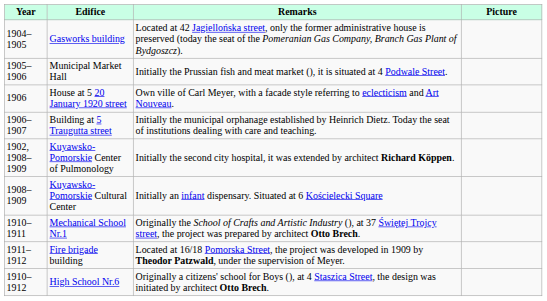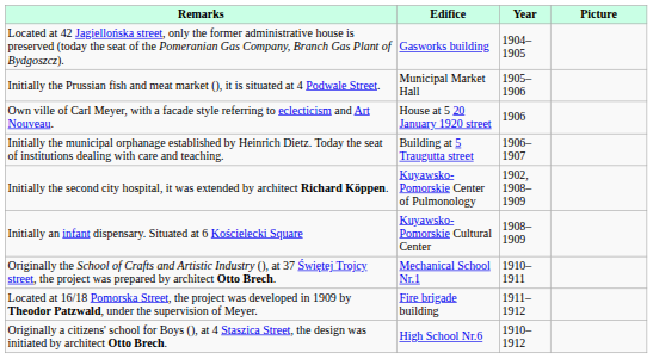 <table class="wikitable" style="flex: 30em">
 <tr align="center" bgcolor="#C9FFE5">
+<td width=61%><strong>Remarks</strong></td>
+<td width=16%><strong>Edifice</strong></td>
 <td width=8%><strong>Year</strong></td>
-<td width=16%><strong>Edifice</strong></td>
-<td width=61%><strong>Remarks</strong></td>
 <td width=15%><strong>Picture</strong></td>
 </tr>
 <tr ----bgcolor="#FFFFFF">
+<td>Located at 42 <a href='#'>Jagiellońska street</a>, only the former administrative house is preserved (today the seat of the <em>Pomeranian Gas Company, Branch Gas Plant of Bydgoszcz</em>).</td>
+<td><a href='#'>Gasworks building</a></td>
 <td>1904–1905</td>
-<td><a href='#'>Gasworks building</a></td>
-<td>Located at 42 <a href='#'>Jagiellońska street</a>, only the former administrative house is preserved (today the seat of the <em>Pomeranian Gas Company, Branch Gas Plant of Bydgoszcz</em>).</td>
 <td></td>
 </tr>
 <tr ---->
+<td>Initially the Prussian fish and meat market (), it is situated at 4 <a href='#'>Podwale Street</a>.</td>
+<td>Municipal Market Hall</td>
 <td>1905–1906</td>
-<td>Municipal Market Hall</td>
-<td>Initially the Prussian fish and meat market (), it is situated at 4 <a href='#'>Podwale Street</a>.</td>
 <td></td>
 </tr>
 <tr ----bgcolor="#EFEFEF">
+<td>Own ville of Carl Meyer, with a facade style referring to <a href='#'>eclecticism</a> and <a href='#'>Art Nouveau</a>.</td>
+<td>House at 5 <a href='#'>20 January 1920 street</a></td>
 <td>1906</td>
-<td>House at 5 <a href='#'>20 January 1920 street</a></td>
-<td>Own ville of Carl Meyer, with a facade style referring to <a href='#'>eclecticism</a> and <a href='#'>Art Nouveau</a>.</td>
 <td></td>
 </tr>
 <tr ---->
+<td>Initially the municipal orphanage established by Heinrich Dietz. Today the seat of institutions dealing with care and teaching.</td>
+<td>Building at <a href='#'>5 Traugutta street</a></td>
 <td>1906–1907</td>
-<td>Building at <a href='#'>5 Traugutta street</a></td>
-<td>Initially the municipal orphanage established by Heinrich Dietz. Today the seat of institutions dealing with care and teaching.</td>
 <td></td>
 </tr>
 <tr ----bgcolor="#EFEFEF">
+<td>Initially the second city hospital, it was extended by architect <strong>Richard Köppen</strong>.</td>
+<td><a href='#'>Kuyawsko-Pomorskie</a> Center of Pulmonology</td>
 <td>1902, 1908–1909</td>
-<td><a href='#'>Kuyawsko-Pomorskie</a> Center of Pulmonology</td>
-<td>Initially the second city hospital, it was extended by architect <strong>Richard Köppen</strong>.</td>
 <td></td>
 </tr>
 <tr ---->
+<td>Initially an <a href='#'>infant</a> dispensary. Situated at 6 <a href='#'>Kościelecki Square</a></td>
+<td><a href='#'>Kuyawsko-Pomorskie</a> Cultural Center</td>
 <td>1908–1909</td>
-<td><a href='#'>Kuyawsko-Pomorskie</a> Cultural Center</td>
-<td>Initially an <a href='#'>infant</a> dispensary. Situated at 6 <a href='#'>Kościelecki Square</a></td>
 <td></td>
 </tr>
 <tr ----bgcolor="#EFEFEF">
+<td>Originally the <em>School of Crafts and Artistic Industry</em> (), at 37 <a href='#'>Świętej Trojcy street</a>, the project was prepared by architect <strong>Otto Brech</strong>.</td>
+<td><a href='#'>Mechanical School Nr.1</a></td>
 <td>1910–1911</td>
-<td><a href='#'>Mechanical School Nr.1</a></td>
-<td>Originally the <em>School of Crafts and Artistic Industry</em> (), at 37 <a href='#'>Świętej Trojcy street</a>, the project was prepared by architect <strong>Otto Brech</strong>.</td>
 <td></td>
 </tr>
 <tr ---->
+<td>Located at 16/18 <a href='#'>Pomorska Street</a>, the project was developed in 1909 by <strong>Theodor Patzwald</strong>, under the supervision of Meyer.</td>
+<td><a href='#'>Fire brigade</a> building</td>
 <td>1911–1912</td>
-<td><a href='#'>Fire brigade</a> building</td>
-<td>Located at 16/18 <a href='#'>Pomorska Street</a>, the project was developed in 1909 by <strong>Theodor Patzwald</strong>, under the supervision of Meyer.</td>
 <td></td>
 </tr>
 <tr ----bgcolor="#EFEFEF">
+<td>Originally a citizens' school for Boys (), at 4 <a href='#'>Staszica Street</a>, the design was initiated by architect <strong>Otto Brech</strong>.</td>
+<td><a href='#'>High School Nr.6</a></td>
 <td>1910–1912</td>
-<td><a href='#'>High School Nr.6</a></td>
-<td>Originally a citizens' school for Boys (), at 4 <a href='#'>Staszica Street</a>, the design was initiated by architect <strong>Otto Brech</strong>.</td>
 <td></td>
 </tr>
 </table>
